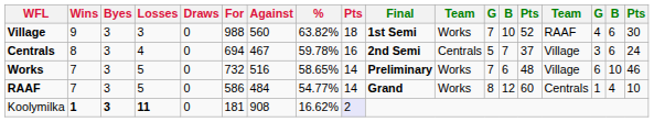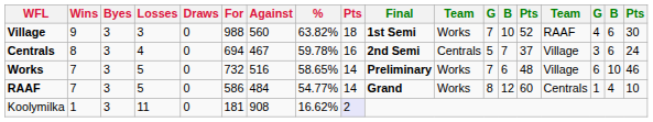 <table class="wikitable">
 <tr>
 <th style="color:crimson">WFL</th>
 <th style="color:crimson">Wins</th>
 <th style="color:crimson">Byes</th>
 <th style="color:crimson">Losses</th>
 <th style="color:crimson">Draws</th>
 <th style="color:crimson">For</th>
 <th style="color:crimson">Against</th>
 <th style="color:crimson">%</th>
 <th style="color:crimson">Pts</th>
 <th style="color:green">Final</th>
 <th style="color:green">Team</th>
 <th style="color:green">G</th>
 <th style="color:green">B</th>
 <th style="color:green">Pts</th>
 <th style="color:green">Team</th>
 <th style="color:green">G</th>
 <th style="color:green">B</th>
 <th style="color:green">Pts</th>
 </tr>
 <tr>
 <td><strong>	Village	</strong></td>
 <td>9</td>
 <td>3</td>
 <td>3</td>
 <td>0</td>
 <td>988</td>
 <td>560</td>
 <td>63.82%</td>
 <td>18</td>
 <td><strong>1st Semi</strong></td>
 <td>Works</td>
 <td>7</td>
 <td>10</td>
 <td>52</td>
 <td>RAAF</td>
 <td>4</td>
 <td>6</td>
 <td>30</td>
 </tr>
 <tr>
 <td><strong>	Centrals	</strong></td>
 <td>8</td>
 <td>3</td>
 <td>4</td>
 <td>0</td>
 <td>694</td>
 <td>467</td>
 <td>59.78%</td>
 <td>16</td>
 <td><strong>2nd Semi</strong></td>
 <td>Centrals</td>
 <td>5</td>
 <td>7</td>
 <td>37</td>
 <td>Village</td>
 <td>3</td>
 <td>6</td>
 <td>24</td>
 </tr>
 <tr>
 <td><strong>	Works	</strong></td>
 <td>7</td>
 <td>3</td>
 <td>5</td>
 <td>0</td>
 <td>732</td>
 <td>516</td>
 <td>58.65%</td>
 <td>14</td>
 <td><strong>Preliminary</strong></td>
 <td>Works</td>
 <td>7</td>
 <td>6</td>
 <td>48</td>
 <td>Village</td>
 <td>6</td>
 <td>10</td>
 <td>46</td>
 </tr>
 <tr>
 <td><strong>	RAAF	</strong></td>
 <td>7</td>
 <td>3</td>
 <td>5</td>
 <td>0</td>
 <td>586</td>
 <td>484</td>
 <td>54.77%</td>
 <td>14</td>
 <td><strong>Grand</strong></td>
 <td>Works</td>
 <td>8</td>
 <td>12</td>
 <td>60</td>
 <td>Centrals</td>
 <td>1</td>
 <td>4</td>
 <td>10</td>
 </tr>
 <tr>
 <td>Koolymilka</td>
-<td><strong>1</strong></td>
-<td><strong>3</strong></td>
-<td><strong>11</strong></td>
+<td>1</td>
+<td>3</td>
+<td>11</td>
 <td>0</td>
 <td>181</td>
 <td>908</td>
 <td>16.62%</td>
 <td style="background: lavender;">2</td>
 </tr>
 </table>
